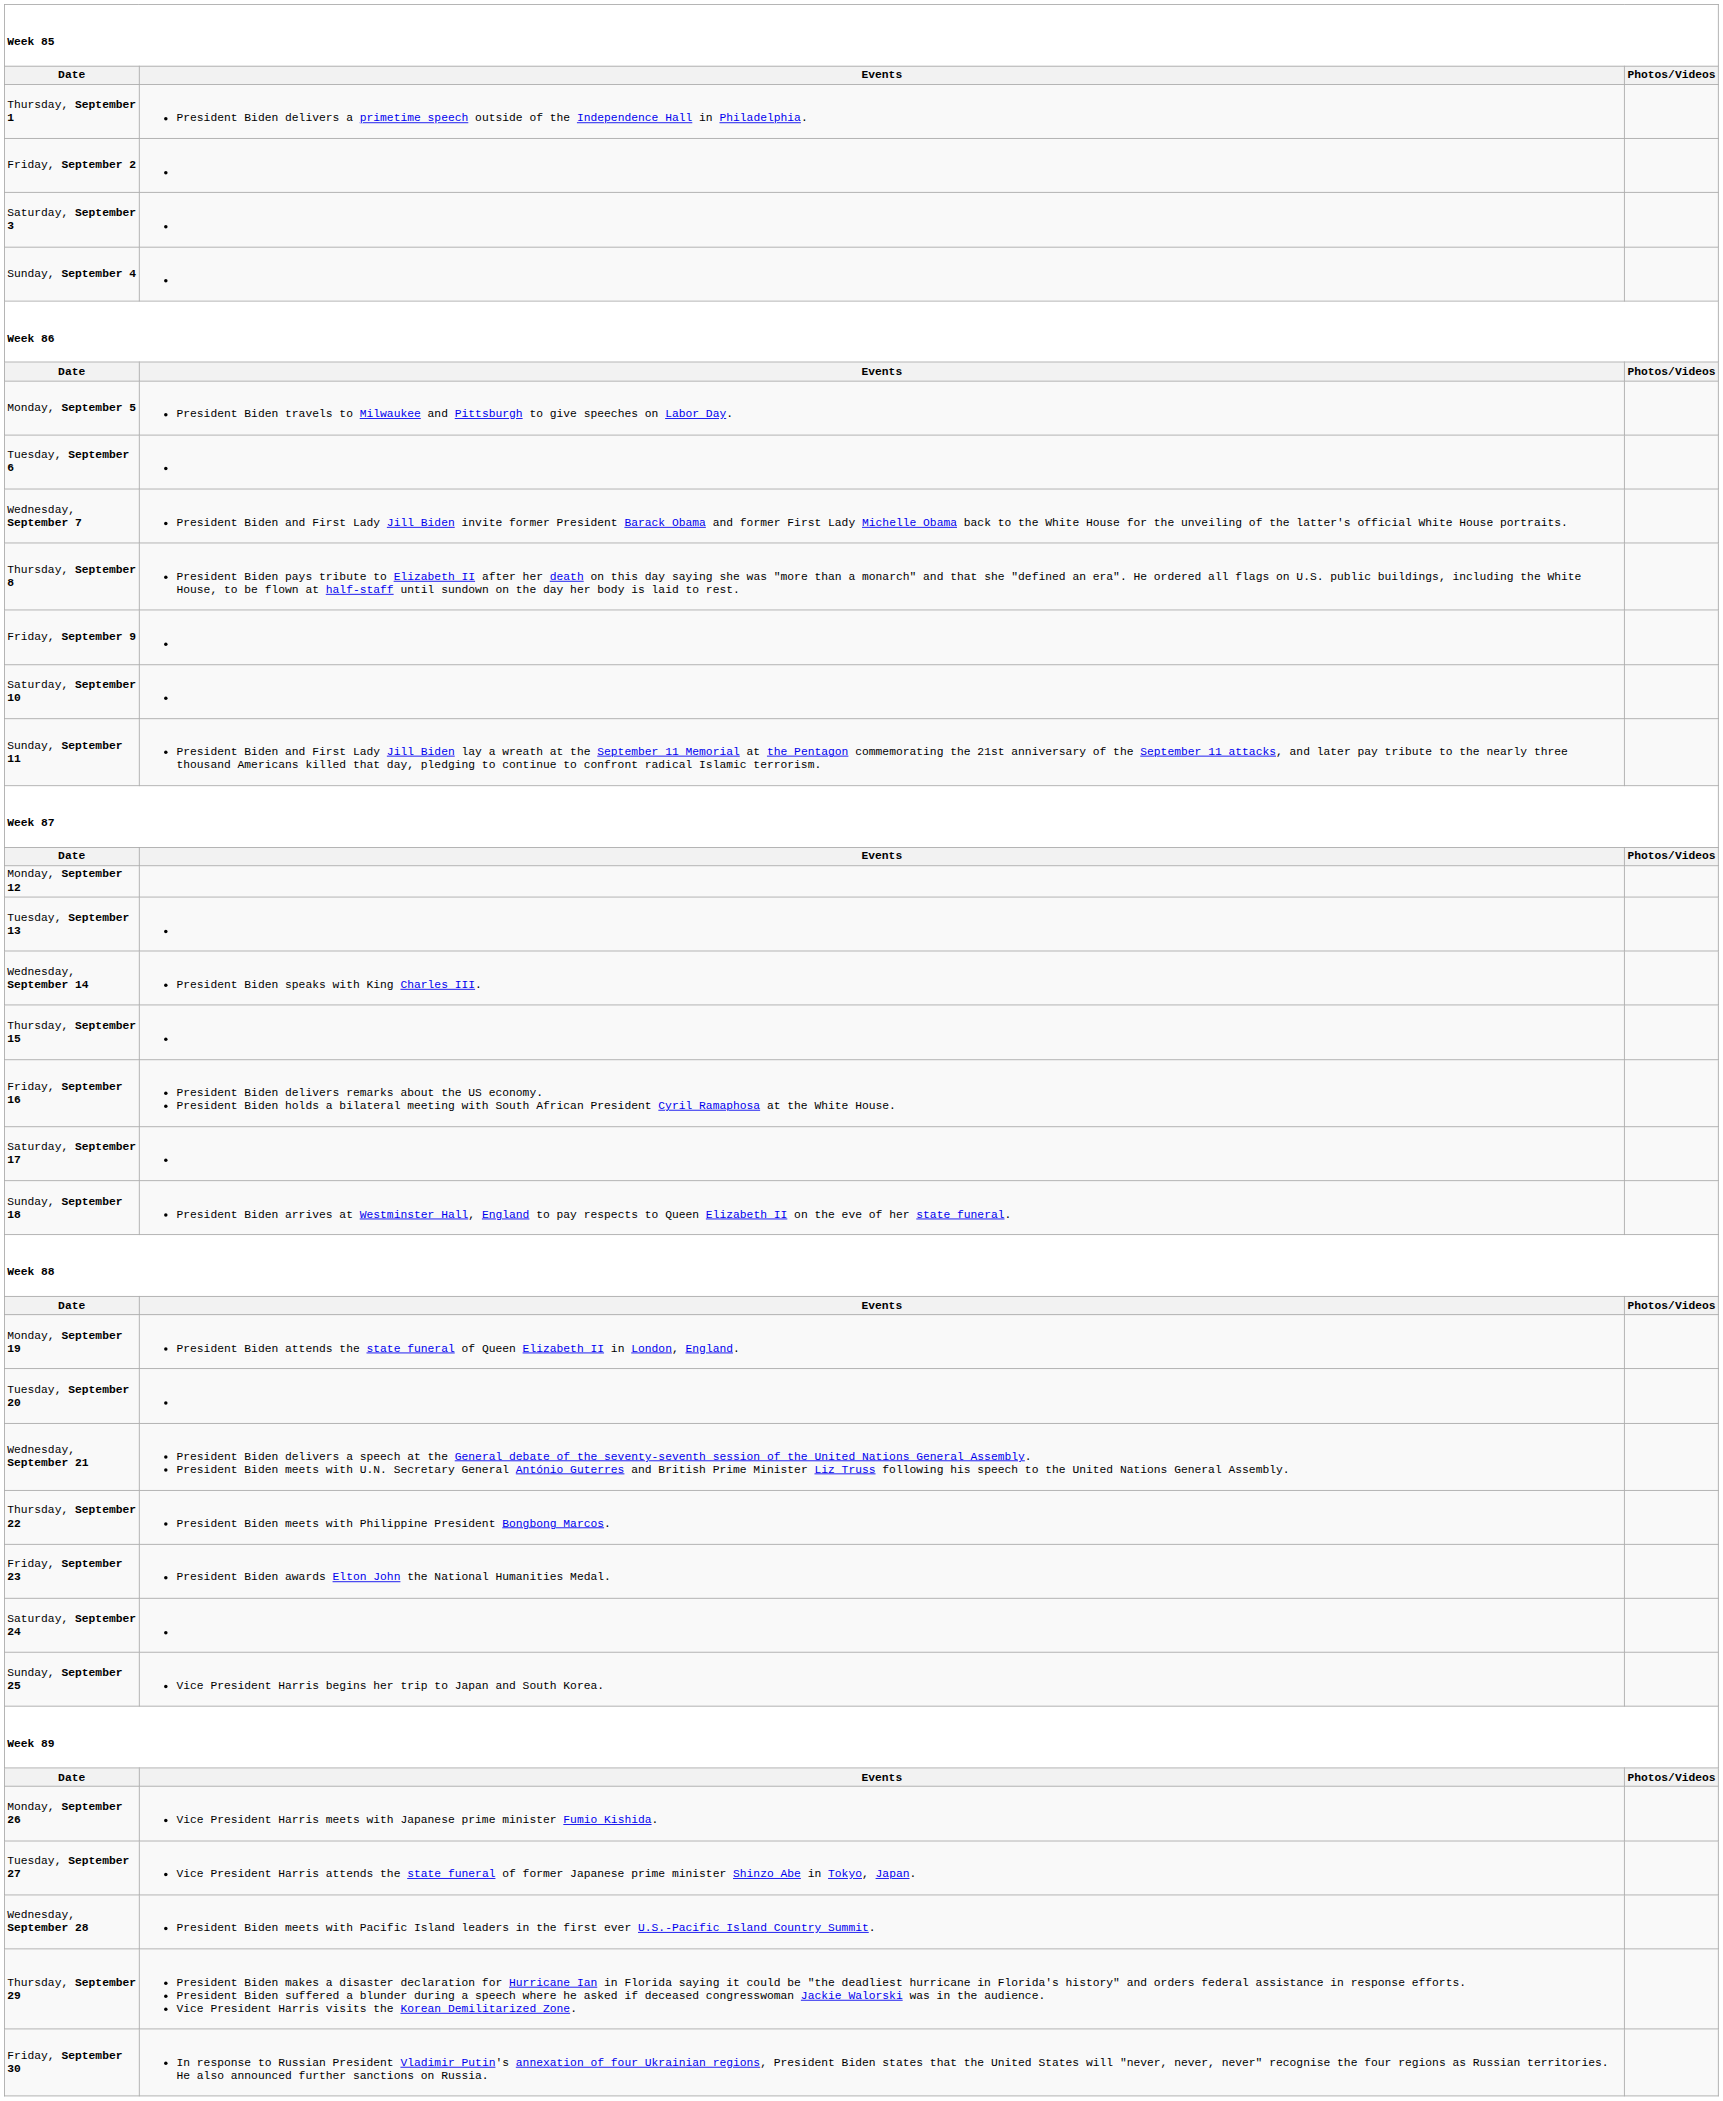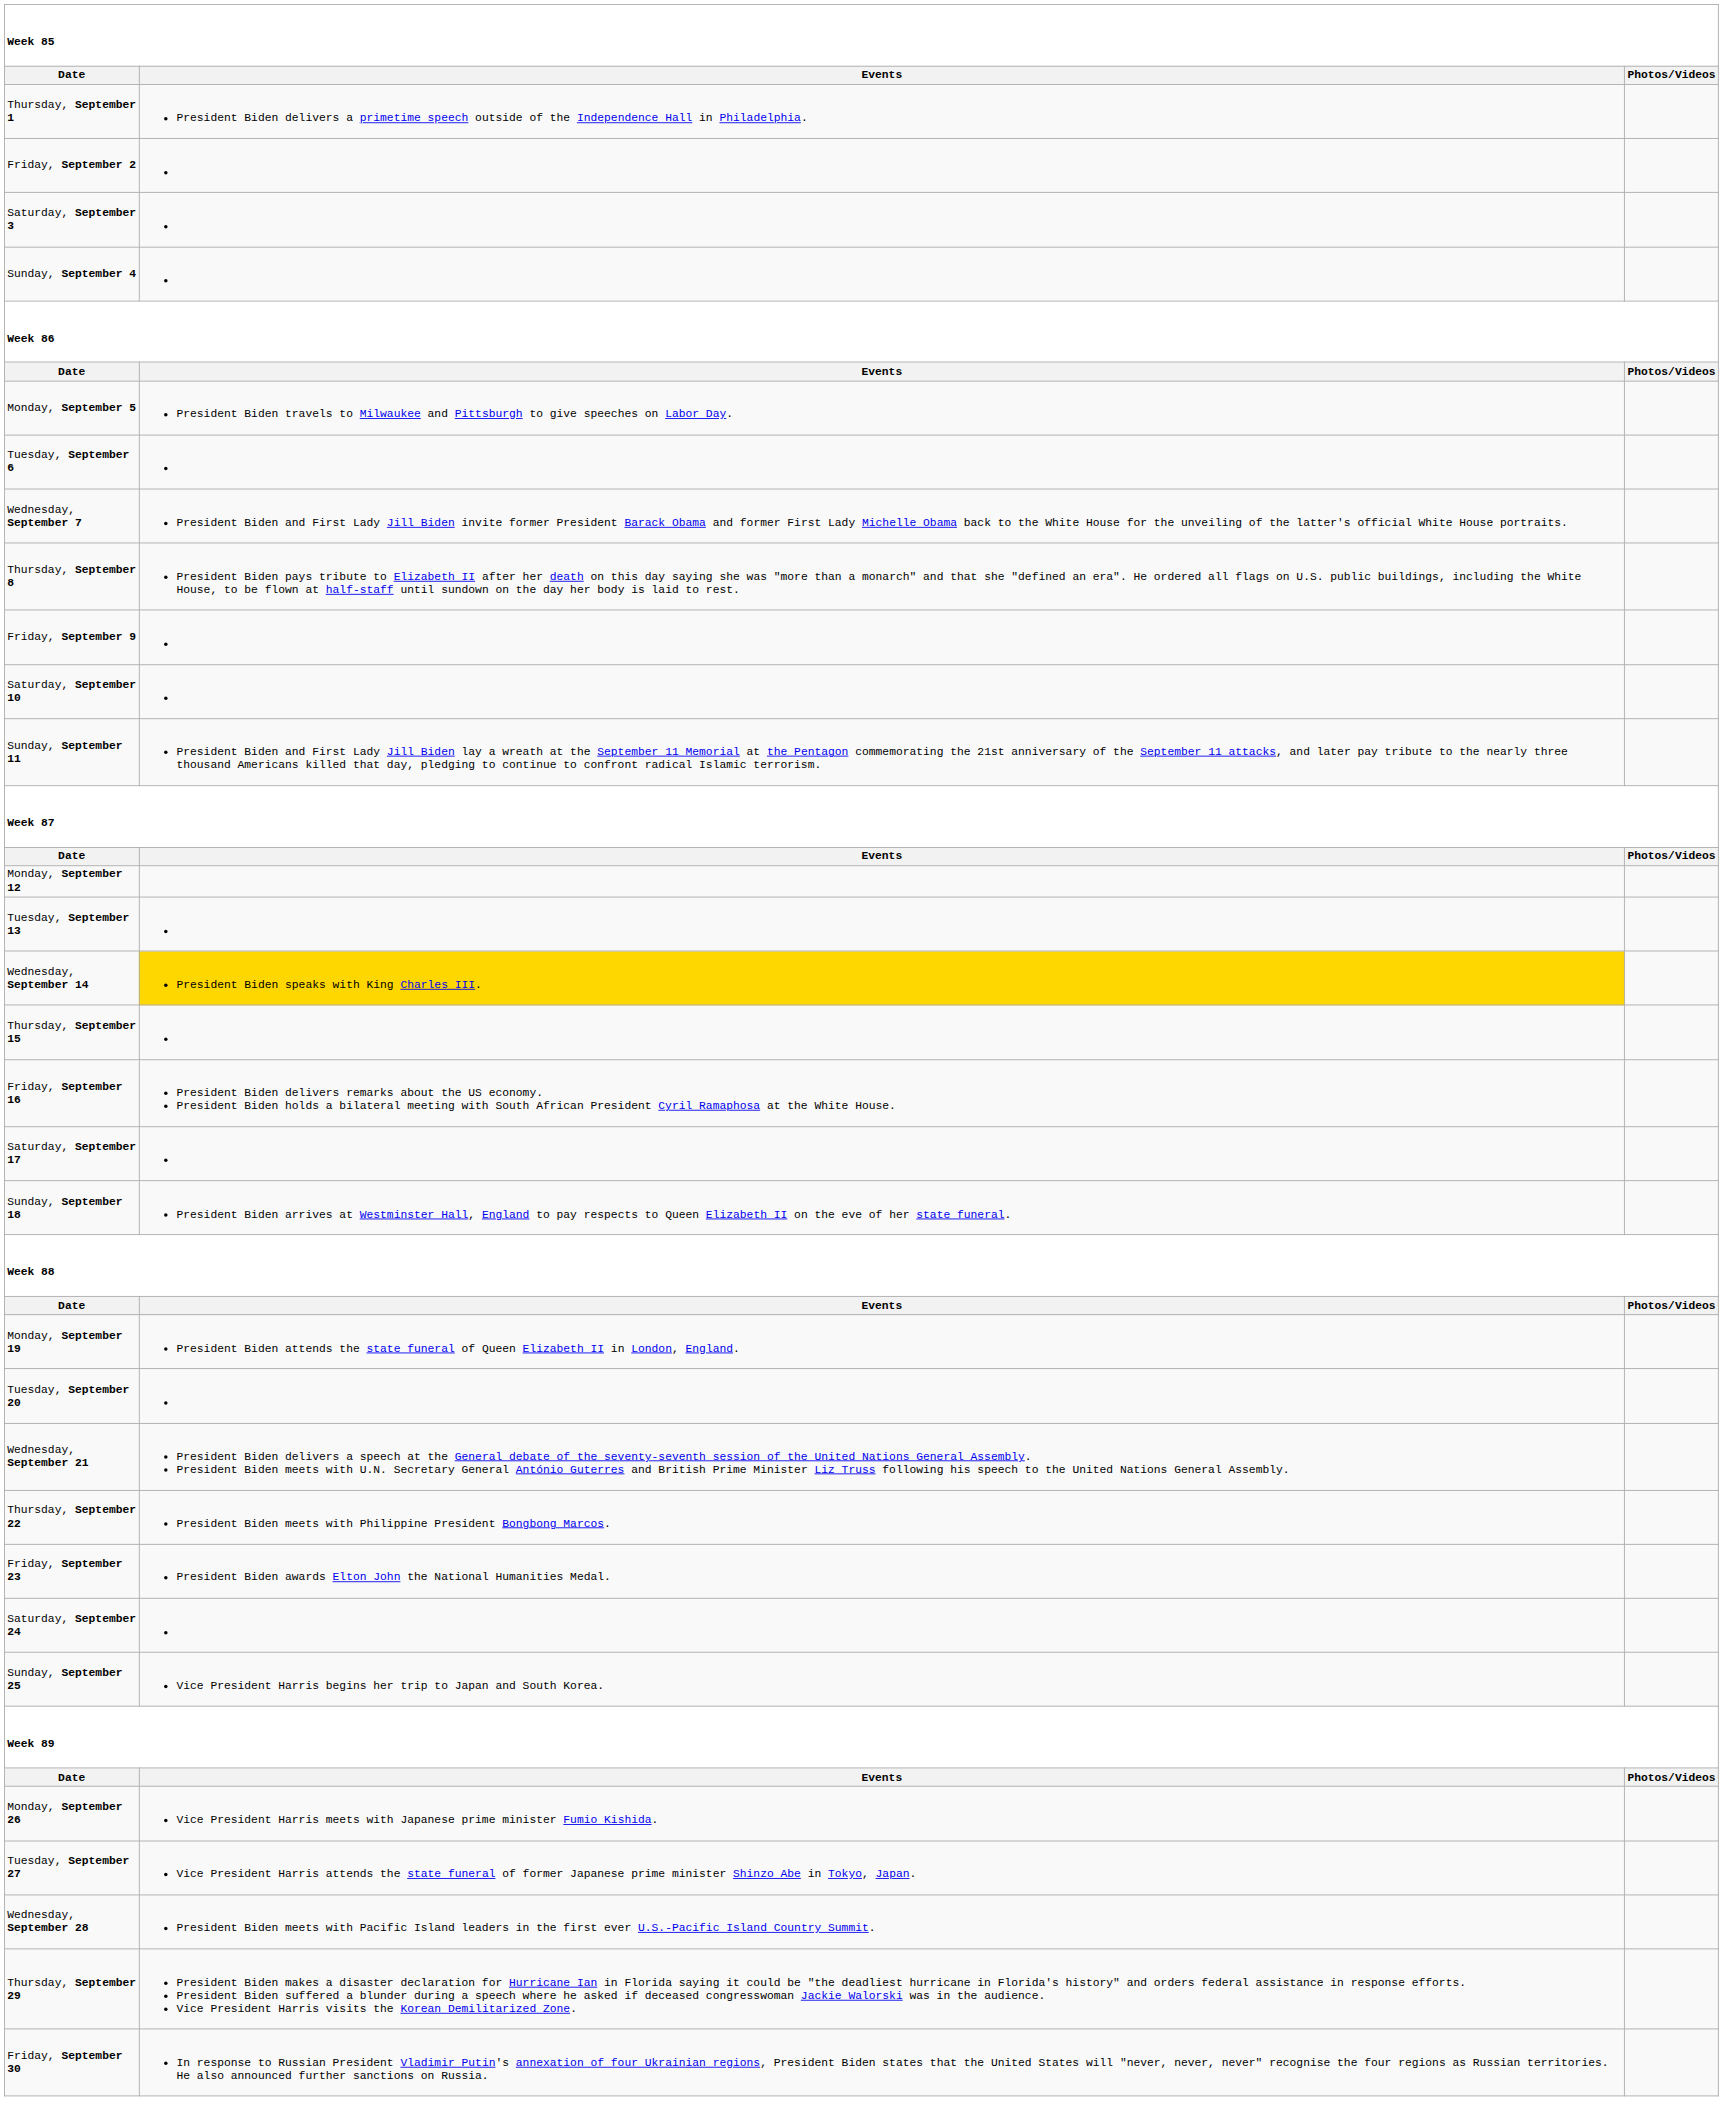 <table class="wikitable">
 <tr style="background:white;">
 <td colspan="3"><br><h4>Week 85</h4></td>
 </tr>
 <tr>
 <th>Date</th>
 <th>Events</th>
 <th>Photos/Videos</th>
 </tr>
 <tr>
 <td>Thursday, <strong>September 1</strong></td>
 <td><br><ul><li>President Biden delivers a <a href='#'>primetime speech</a> outside of the <a href='#'>Independence Hall</a> in <a href='#'>Philadelphia</a>.</li></ul></td>
 <td></td>
 </tr>
 <tr>
 <td>Friday, <strong>September 2</strong></td>
 <td><br><ul><li></li></ul></td>
 <td></td>
 </tr>
 <tr>
 <td>Saturday, <strong>September 3</strong></td>
 <td><br><ul><li></li></ul></td>
 <td></td>
 </tr>
 <tr>
 <td>Sunday, <strong>September 4</strong></td>
 <td><br><ul><li></li></ul></td>
 <td></td>
 </tr>
 <tr style="background:white;">
 <td colspan="3"><br><h4>Week 86</h4></td>
 </tr>
 <tr>
 <th>Date</th>
 <th>Events</th>
 <th>Photos/Videos</th>
 </tr>
 <tr>
 <td>Monday, <strong>September 5</strong></td>
 <td><br><ul><li>President Biden travels to <a href='#'>Milwaukee</a> and <a href='#'>Pittsburgh</a> to give speeches on <a href='#'>Labor Day</a>.</li></ul></td>
 <td></td>
 </tr>
 <tr>
 <td>Tuesday, <strong>September 6</strong></td>
 <td><br><ul><li></li></ul></td>
 <td></td>
 </tr>
 <tr>
 <td>Wednesday, <strong>September 7</strong></td>
 <td><br><ul><li>President Biden and First Lady <a href='#'>Jill Biden</a> invite former President <a href='#'>Barack Obama</a> and former First Lady <a href='#'>Michelle Obama</a> back to the White House for the unveiling of the latter's official White House portraits.</li></ul></td>
 <td></td>
 </tr>
 <tr>
 <td>Thursday, <strong>September 8</strong></td>
 <td><br><ul><li>President Biden pays tribute to <a href='#'>Elizabeth II</a> after her <a href='#'>death</a> on this day saying she was "more than a monarch" and that she "defined an era". He ordered all flags on U.S. public buildings, including the White House, to be flown at <a href='#'>half-staff</a> until sundown on the day her body is laid to rest.</li></ul></td>
 <td></td>
 </tr>
 <tr>
 <td>Friday, <strong>September 9</strong></td>
 <td><br><ul><li></li></ul></td>
 <td></td>
 </tr>
 <tr>
 <td>Saturday, <strong>September 10</strong></td>
 <td><br><ul><li></li></ul></td>
 <td></td>
 </tr>
 <tr>
 <td>Sunday, <strong>September 11</strong></td>
 <td><br><ul><li>President Biden and First Lady <a href='#'>Jill Biden</a> lay a wreath at the <a href='#'>September 11 Memorial</a> at <a href='#'>the Pentagon</a> commemorating the 21st anniversary of the <a href='#'>September 11 attacks</a>, and later pay tribute to the nearly three thousand Americans killed that day, pledging to continue to confront radical Islamic terrorism.</li></ul></td>
 <td></td>
 </tr>
 <tr style="background:white;">
 <td colspan="3"><br><h4>Week 87</h4></td>
 </tr>
 <tr>
 <th>Date</th>
 <th>Events</th>
 <th>Photos/Videos</th>
 </tr>
 <tr>
 <td>Monday, <strong>September 12</strong></td>
 <td></td>
 <td></td>
 </tr>
 <tr>
 <td>Tuesday, <strong>September 13</strong></td>
 <td><br><ul><li></li></ul></td>
 <td></td>
 </tr>
 <tr>
 <td>Wednesday, <strong>September 14</strong></td>
-<td><br><ul><li>President Biden speaks with King <a href='#'>Charles III</a>.</li></ul></td>
+<td style="background: gold;"><br><ul><li>President Biden speaks with King <a href='#'>Charles III</a>.</li></ul></td>
 <td></td>
 </tr>
 <tr>
 <td>Thursday, <strong>September 15</strong></td>
 <td><br><ul><li></li></ul></td>
 <td></td>
 </tr>
 <tr>
 <td>Friday, <strong>September 16</strong></td>
 <td><br><ul><li>President Biden delivers remarks about the US economy.</li><li>President Biden holds a bilateral meeting with South African President <a href='#'>Cyril Ramaphosa</a> at the White House.</li></ul></td>
 <td></td>
 </tr>
 <tr>
 <td>Saturday, <strong>September 17</strong></td>
 <td><br><ul><li></li></ul></td>
 <td></td>
 </tr>
 <tr>
 <td>Sunday, <strong>September 18</strong></td>
 <td><br><ul><li>President Biden arrives at <a href='#'>Westminster Hall</a>, <a href='#'>England</a> to pay respects to Queen <a href='#'>Elizabeth II</a> on the eve of her <a href='#'>state funeral</a>.</li></ul></td>
 <td></td>
 </tr>
 <tr style="background:white;">
 <td colspan="3"><br><h4>Week 88</h4></td>
 </tr>
 <tr>
 <th>Date</th>
 <th>Events</th>
 <th>Photos/Videos</th>
 </tr>
 <tr>
 <td>Monday, <strong>September 19</strong></td>
 <td><br><ul><li>President Biden attends the <a href='#'>state funeral</a> of Queen <a href='#'>Elizabeth II</a> in <a href='#'>London</a>, <a href='#'>England</a>.</li></ul></td>
 <td></td>
 </tr>
 <tr>
 <td>Tuesday, <strong>September 20</strong></td>
 <td><br><ul><li></li></ul></td>
 <td></td>
 </tr>
 <tr>
 <td>Wednesday, <strong>September 21</strong></td>
 <td><br><ul><li>President Biden delivers a speech at the <a href='#'>General debate of the seventy-seventh session of the United Nations General Assembly</a>.</li><li>President Biden meets with U.N. Secretary General <a href='#'>António Guterres</a> and British Prime Minister <a href='#'>Liz Truss</a> following his speech to the United Nations General Assembly.</li></ul></td>
 <td><br></td>
 </tr>
 <tr>
 <td>Thursday, <strong>September 22</strong></td>
 <td><br><ul><li>President Biden meets with Philippine President <a href='#'>Bongbong Marcos</a>.</li></ul></td>
 <td></td>
 </tr>
 <tr>
 <td>Friday, <strong>September 23</strong></td>
 <td><br><ul><li>President Biden awards <a href='#'>Elton John</a> the National Humanities Medal.</li></ul></td>
 <td></td>
 </tr>
 <tr>
 <td>Saturday, <strong>September 24</strong></td>
 <td><br><ul><li></li></ul></td>
 <td></td>
 </tr>
 <tr>
 <td>Sunday, <strong>September 25</strong></td>
 <td><br><ul><li>Vice President Harris begins her trip to Japan and South Korea.</li></ul></td>
 <td></td>
 </tr>
 <tr style="background:white;">
 <td colspan="3"><br><h4>Week 89</h4></td>
 </tr>
 <tr>
 <th>Date</th>
 <th>Events</th>
 <th>Photos/Videos</th>
 </tr>
 <tr>
 <td>Monday, <strong>September 26</strong></td>
 <td><br><ul><li>Vice President Harris meets with Japanese prime minister <a href='#'>Fumio Kishida</a>.</li></ul></td>
 <td></td>
 </tr>
 <tr>
 <td>Tuesday, <strong>September 27</strong></td>
 <td><br><ul><li>Vice President Harris attends the <a href='#'>state funeral</a> of former Japanese prime minister <a href='#'>Shinzo Abe</a> in <a href='#'>Tokyo</a>, <a href='#'>Japan</a>.</li></ul></td>
 <td></td>
 </tr>
 <tr>
 <td>Wednesday, <strong>September 28</strong></td>
 <td><br><ul><li>President Biden meets with Pacific Island leaders in the first ever <a href='#'>U.S.-Pacific Island Country Summit</a>.</li></ul></td>
 <td></td>
 </tr>
 <tr>
 <td>Thursday, <strong>September 29</strong></td>
 <td><br><ul><li>President Biden makes a disaster declaration for <a href='#'>Hurricane Ian</a> in Florida saying it could be "the deadliest hurricane in Florida's history" and orders federal assistance in response efforts.</li><li>President Biden suffered a blunder during a speech where he asked if deceased congresswoman <a href='#'>Jackie Walorski</a> was in the audience.</li><li>Vice President Harris visits the <a href='#'>Korean Demilitarized Zone</a>.</li></ul></td>
 <td><br></td>
 </tr>
 <tr>
 <td>Friday, <strong>September 30</strong></td>
 <td><br><ul><li>In response to Russian President <a href='#'>Vladimir Putin</a>'s <a href='#'>annexation of four Ukrainian regions</a>, President Biden states that the United States will "never, never, never" recognise the four regions as Russian territories. He also announced further sanctions on Russia.</li></ul></td>
 <td></td>
 </tr>
 </table>
